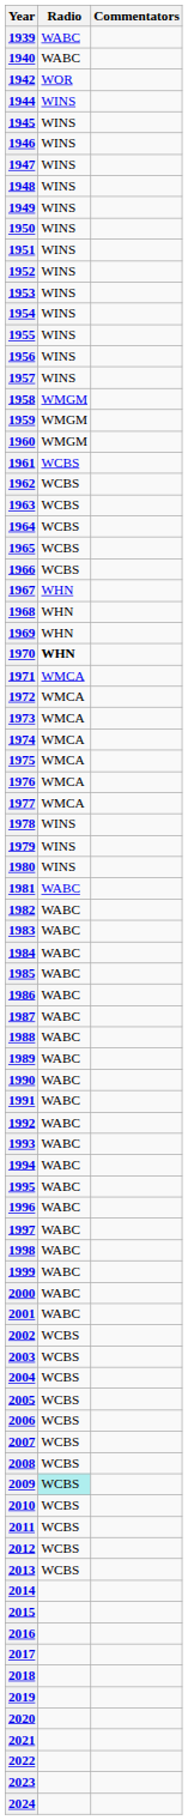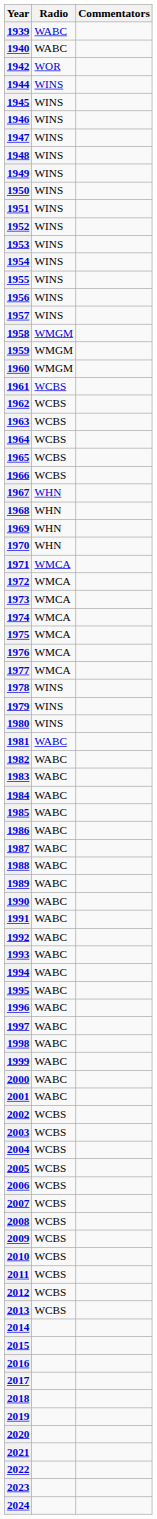 <table class="wikitable plainrowheaders">
 <tr>
 <th scope="col">Year</th>
 <th scope="col">Radio</th>
 <th scope="col">Commentators</th>
 </tr>
 <tr>
 <th scope="row"><a href='#'>1939</a></th>
 <td><a href='#'>WABC</a></td>
 <td></td>
 </tr>
 <tr>
 <th scope="row"><a href='#'>1940</a></th>
 <td>WABC</td>
 <td></td>
 </tr>
 <tr>
 <th scope="row"><a href='#'>1942</a></th>
 <td><a href='#'>WOR</a></td>
 <td></td>
 </tr>
 <tr>
 <th scope="row"><a href='#'>1944</a></th>
 <td><a href='#'>WINS</a></td>
 <td></td>
 </tr>
 <tr>
 <th scope="row"><a href='#'>1945</a></th>
 <td>WINS</td>
 <td></td>
 </tr>
 <tr>
 <th scope="row"><a href='#'>1946</a></th>
 <td>WINS</td>
 <td></td>
 </tr>
 <tr>
 <th scope="row"><a href='#'>1947</a></th>
 <td>WINS</td>
 <td></td>
 </tr>
 <tr>
 <th scope="row"><a href='#'>1948</a></th>
 <td>WINS</td>
 <td></td>
 </tr>
 <tr>
 <th scope="row"><a href='#'>1949</a></th>
 <td>WINS</td>
 <td></td>
 </tr>
 <tr>
 <th scope="row"><a href='#'>1950</a></th>
 <td>WINS</td>
 <td></td>
 </tr>
 <tr>
 <th scope="row"><a href='#'>1951</a></th>
 <td>WINS</td>
 <td></td>
 </tr>
 <tr>
 <th scope="row"><a href='#'>1952</a></th>
 <td>WINS</td>
 <td></td>
 </tr>
 <tr>
 <th scope="row"><a href='#'>1953</a></th>
 <td>WINS</td>
 <td></td>
 </tr>
 <tr>
 <th scope="row"><a href='#'>1954</a></th>
 <td>WINS</td>
 <td></td>
 </tr>
 <tr>
 <th scope="row"><a href='#'>1955</a></th>
 <td>WINS</td>
 <td></td>
 </tr>
 <tr>
 <th scope="row"><a href='#'>1956</a></th>
 <td>WINS</td>
 <td></td>
 </tr>
 <tr>
 <th scope="row"><a href='#'>1957</a></th>
 <td>WINS</td>
 <td></td>
 </tr>
 <tr>
 <th scope="row"><a href='#'>1958</a></th>
 <td><a href='#'>WMGM</a></td>
 <td></td>
 </tr>
 <tr>
 <th scope="row"><a href='#'>1959</a></th>
 <td>WMGM</td>
 <td></td>
 </tr>
 <tr>
 <th scope="row"><a href='#'>1960</a></th>
 <td>WMGM</td>
 <td></td>
 </tr>
 <tr>
 <th scope="row"><a href='#'>1961</a></th>
 <td><a href='#'>WCBS</a></td>
 <td></td>
 </tr>
 <tr>
 <th scope="row"><a href='#'>1962</a></th>
 <td>WCBS</td>
 <td></td>
 </tr>
 <tr>
 <th scope="row"><a href='#'>1963</a></th>
 <td>WCBS</td>
 <td></td>
 </tr>
 <tr>
 <th scope="row"><a href='#'>1964</a></th>
 <td>WCBS</td>
 <td></td>
 </tr>
 <tr>
 <th scope="row"><a href='#'>1965</a></th>
 <td>WCBS</td>
 <td></td>
 </tr>
 <tr>
 <th scope="row"><a href='#'>1966</a></th>
 <td>WCBS</td>
 <td></td>
 </tr>
 <tr>
 <th scope="row"><a href='#'>1967</a></th>
 <td><a href='#'>WHN</a></td>
 <td></td>
 </tr>
 <tr>
 <th scope="row"><a href='#'>1968</a></th>
 <td>WHN</td>
 <td></td>
 </tr>
 <tr>
 <th scope="row"><a href='#'>1969</a></th>
 <td>WHN</td>
 <td></td>
 </tr>
 <tr>
 <th scope="row"><a href='#'>1970</a></th>
-<td><strong>WHN</strong></td>
+<td>WHN</td>
 <td></td>
 </tr>
 <tr>
 <th scope="row"><a href='#'>1971</a></th>
 <td><a href='#'>WMCA</a></td>
 <td></td>
 </tr>
 <tr>
 <th scope="row"><a href='#'>1972</a></th>
 <td>WMCA</td>
 <td></td>
 </tr>
 <tr>
 <th scope="row"><a href='#'>1973</a></th>
 <td>WMCA</td>
 <td></td>
 </tr>
 <tr>
 <th scope="row"><a href='#'>1974</a></th>
 <td>WMCA</td>
 <td></td>
 </tr>
 <tr>
 <th scope="row"><a href='#'>1975</a></th>
 <td>WMCA</td>
 <td></td>
 </tr>
 <tr>
 <th scope="row"><a href='#'>1976</a></th>
 <td>WMCA</td>
 <td></td>
 </tr>
 <tr>
 <th scope="row"><a href='#'>1977</a></th>
 <td>WMCA</td>
 <td></td>
 </tr>
 <tr>
 <th scope="row"><a href='#'>1978</a></th>
 <td>WINS</td>
 <td></td>
 </tr>
 <tr>
 <th scope="row"><a href='#'>1979</a></th>
 <td>WINS</td>
 <td></td>
 </tr>
 <tr>
 <th scope="row"><a href='#'>1980</a></th>
 <td>WINS</td>
 <td></td>
 </tr>
 <tr>
 <th scope="row"><a href='#'>1981</a></th>
 <td><a href='#'>WABC</a></td>
 <td></td>
 </tr>
 <tr>
 <th scope="row"><a href='#'>1982</a></th>
 <td>WABC</td>
 <td></td>
 </tr>
 <tr>
 <th scope="row"><a href='#'>1983</a></th>
 <td>WABC</td>
 <td></td>
 </tr>
 <tr>
 <th scope="row"><a href='#'>1984</a></th>
 <td>WABC</td>
 <td></td>
 </tr>
 <tr>
 <th scope="row"><a href='#'>1985</a></th>
 <td>WABC</td>
 <td></td>
 </tr>
 <tr>
 <th scope="row"><a href='#'>1986</a></th>
 <td>WABC</td>
 <td></td>
 </tr>
 <tr>
 <th scope="row"><a href='#'>1987</a></th>
 <td>WABC</td>
 <td></td>
 </tr>
 <tr>
 <th scope="row"><a href='#'>1988</a></th>
 <td>WABC</td>
 <td></td>
 </tr>
 <tr>
 <th scope="row"><a href='#'>1989</a></th>
 <td>WABC</td>
 <td></td>
 </tr>
 <tr>
 <th scope="row"><a href='#'>1990</a></th>
 <td>WABC</td>
 <td></td>
 </tr>
 <tr>
 <th scope="row"><a href='#'>1991</a></th>
 <td>WABC</td>
 <td></td>
 </tr>
 <tr>
 <th scope="row"><a href='#'>1992</a></th>
 <td>WABC</td>
 <td></td>
 </tr>
 <tr>
 <th scope="row"><a href='#'>1993</a></th>
 <td>WABC</td>
 <td></td>
 </tr>
 <tr>
 <th scope="row"><a href='#'>1994</a></th>
 <td>WABC</td>
 <td></td>
 </tr>
 <tr>
 <th scope="row"><a href='#'>1995</a></th>
 <td>WABC</td>
 <td></td>
 </tr>
 <tr>
 <th scope="row"><a href='#'>1996</a></th>
 <td>WABC</td>
 <td></td>
 </tr>
 <tr>
 <th scope="row"><a href='#'>1997</a></th>
 <td>WABC</td>
 <td></td>
 </tr>
 <tr>
 <th scope="row"><a href='#'>1998</a></th>
 <td>WABC</td>
 <td></td>
 </tr>
 <tr>
 <th scope="row"><a href='#'>1999</a></th>
 <td>WABC</td>
 <td></td>
 </tr>
 <tr>
 <th scope="row"><a href='#'>2000</a></th>
 <td>WABC</td>
 <td></td>
 </tr>
 <tr>
 <th scope="row"><a href='#'>2001</a></th>
 <td>WABC</td>
 <td></td>
 </tr>
 <tr>
 <th scope="row"><a href='#'>2002</a></th>
 <td>WCBS</td>
 <td></td>
 </tr>
 <tr>
 <th scope="row"><a href='#'>2003</a></th>
 <td>WCBS</td>
 <td></td>
 </tr>
 <tr>
 <th scope="row"><a href='#'>2004</a></th>
 <td>WCBS</td>
 <td></td>
 </tr>
 <tr>
 <th scope="row"><a href='#'>2005</a></th>
 <td>WCBS</td>
 <td></td>
 </tr>
 <tr>
 <th scope="row"><a href='#'>2006</a></th>
 <td>WCBS</td>
 <td></td>
 </tr>
 <tr>
 <th scope="row"><a href='#'>2007</a></th>
 <td>WCBS</td>
 <td></td>
 </tr>
 <tr>
 <th scope="row"><a href='#'>2008</a></th>
 <td>WCBS</td>
 <td></td>
 </tr>
 <tr>
 <th scope="row"><a href='#'>2009</a></th>
-<td style="background: paleturquoise;">WCBS</td>
+<td>WCBS</td>
 <td></td>
 </tr>
 <tr>
 <th scope="row"><a href='#'>2010</a></th>
 <td>WCBS</td>
 <td></td>
 </tr>
 <tr>
 <th scope="row"><a href='#'>2011</a></th>
 <td>WCBS</td>
 <td></td>
 </tr>
 <tr>
 <th scope="row"><a href='#'>2012</a></th>
 <td>WCBS</td>
 <td></td>
 </tr>
 <tr>
 <th scope="row"><a href='#'>2013</a></th>
 <td>WCBS</td>
 <td></td>
 </tr>
 <tr>
 <th scope="row"><a href='#'>2014</a></th>
 <td></td>
 <td></td>
 </tr>
 <tr>
 <th scope="row"><a href='#'>2015</a></th>
 <td></td>
 <td></td>
 </tr>
 <tr>
 <th scope="row"><a href='#'>2016</a></th>
 <td></td>
 <td></td>
 </tr>
 <tr>
 <th scope="row"><a href='#'>2017</a></th>
 <td></td>
 <td></td>
 </tr>
 <tr>
 <th scope="row"><a href='#'>2018</a></th>
 <td></td>
 <td></td>
 </tr>
 <tr>
 <th scope="row"><a href='#'>2019</a></th>
 <td></td>
 <td></td>
 </tr>
 <tr>
 <th scope="row"><a href='#'>2020</a></th>
 <td></td>
 <td></td>
 </tr>
 <tr>
 <th scope="row"><a href='#'>2021</a></th>
 <td></td>
 <td></td>
 </tr>
 <tr>
 <th scope="row"><a href='#'>2022</a></th>
 <td></td>
 <td></td>
 </tr>
 <tr>
 <th scope="row"><a href='#'>2023</a></th>
 <td></td>
 <td></td>
 </tr>
 <tr>
 <th scope="row"><a href='#'>2024</a></th>
 <td></td>
 <td></td>
 </tr>
 </table>
